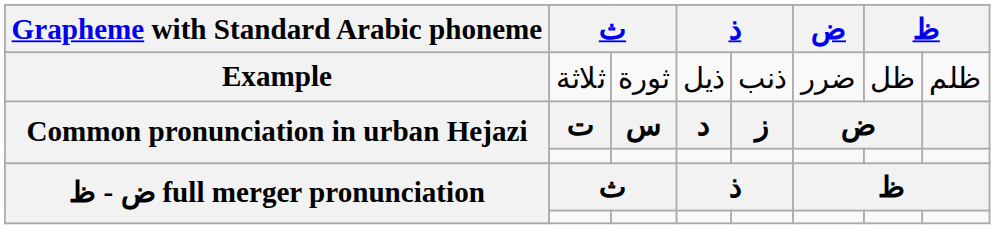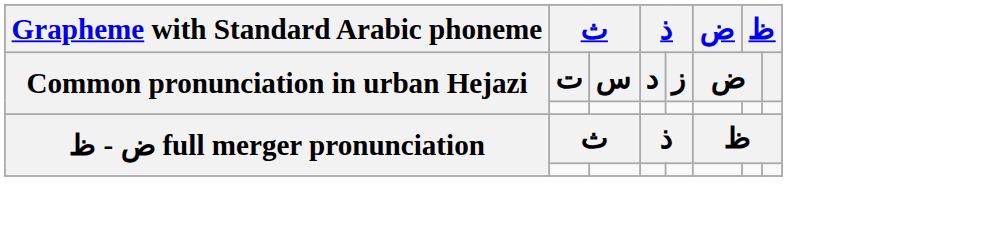 <table class="wikitable" border="1" style="text-align: center;">
 <tr>
 <th><a href='#'>Grapheme</a> with Standard Arabic phoneme</th>
 <th colspan="2"><a href='#'>ث</a> </th>
 <th colspan="2"><a href='#'>ذ</a> </th>
 <th><a href='#'>ض</a> </th>
 <th colspan="2"><a href='#'>ظ</a> </th>
-</tr>
-<tr>
-<th>Example</th>
-<td>ثلاثة</td>
-<td>ثورة</td>
-<td>ذيل</td>
-<td>ذنب</td>
-<td>ضرر</td>
-<td>ظل</td>
-<td>ظلم</td>
 </tr>
 <tr>
 <th rowspan="2">Common pronunciation in urban Hejazi</th>
 <th>ت </th>
 <th>س </th>
 <th>د </th>
 <th>ز </th>
 <th colspan="2">ض </th>
 <th></th>
 </tr>
 <tr>
 <td></td>
 <td></td>
 <td></td>
 <td></td>
 <td></td>
 <td></td>
 <td></td>
 </tr>
 <tr>
 <th rowspan="2">ض - ظ full merger pronunciation</th>
 <th colspan="2">ث </th>
 <th colspan="2">ذ </th>
 <th colspan="3">ظ </th>
 </tr>
 <tr>
 <td></td>
 <td></td>
 <td></td>
 <td></td>
 <td></td>
 <td></td>
 <td></td>
 </tr>
 </table>
